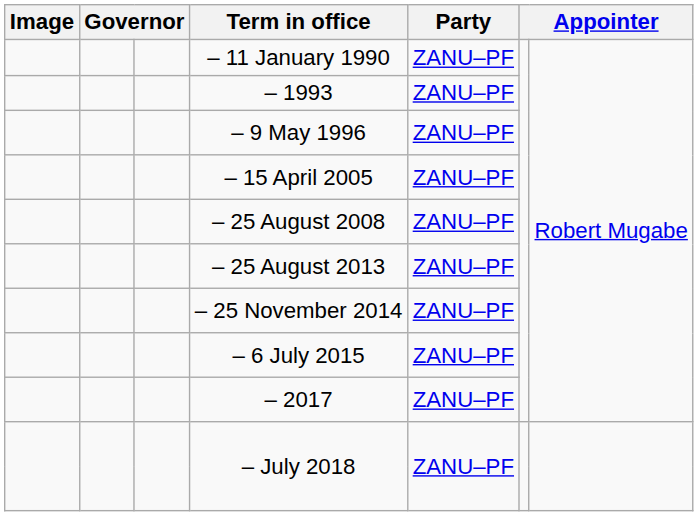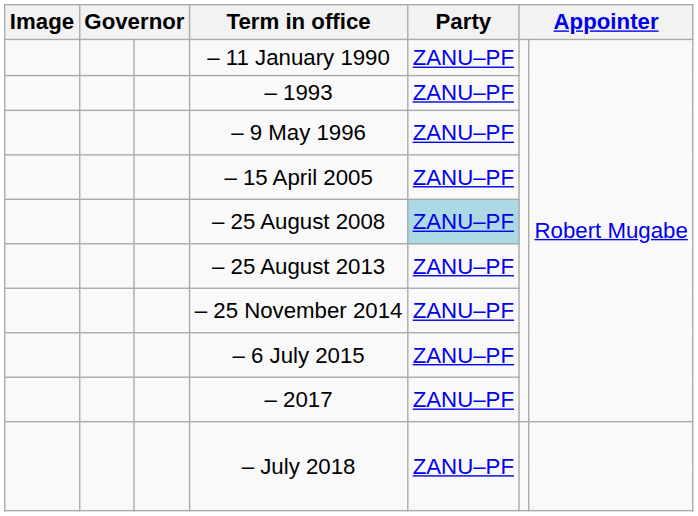 <table class="wikitable sortable" style="text-align:center;">
 <tr>
 <th scope="col" class="unsortable">Image</th>
 <th colspan="2" scope="col">Governor</th>
 <th scope="col">Term in office</th>
 <th scope="col">Party</th>
 <th colspan="2" scope="col"><a href='#'>Appointer</a></th>
 </tr>
 <tr>
 <td></td>
 <td style="background:"></td>
 <td></td>
 <td> – 11 January 1990</td>
 <td><a href='#'>ZANU–PF</a></td>
 <td rowspan="9" style="background:"></td>
 <td rowspan="9"><a href='#'>Robert Mugabe</a></td>
 </tr>
 <tr>
 <td></td>
 <td style="background:"></td>
 <td></td>
 <td> – 1993</td>
 <td><a href='#'>ZANU–PF</a></td>
 </tr>
 <tr style="height:2em;">
 <td></td>
 <td style="background:"></td>
 <td></td>
 <td> – 9 May 1996</td>
 <td><a href='#'>ZANU–PF</a></td>
 </tr>
 <tr style="height:2em;">
 <td></td>
 <td style="background:"></td>
 <td></td>
 <td> – 15 April 2005</td>
 <td><a href='#'>ZANU–PF</a></td>
 </tr>
 <tr style="height:2em;">
 <td></td>
 <td style="background:"></td>
 <td></td>
 <td>– 25 August 2008</td>
-<td><a href='#'>ZANU–PF</a></td>
+<td style="background: lightblue;"><a href='#'>ZANU–PF</a></td>
 </tr>
 <tr style="height:2em;">
 <td></td>
 <td style="background:"></td>
 <td></td>
 <td> – 25 August 2013</td>
 <td><a href='#'>ZANU–PF</a></td>
 </tr>
 <tr style="height:2em;">
 <td></td>
 <td style="background:"></td>
 <td></td>
 <td> – 25 November 2014</td>
 <td><a href='#'>ZANU–PF</a></td>
 </tr>
 <tr style="height:2em;">
 <td></td>
 <td style="background:"></td>
 <td></td>
 <td> – 6 July 2015</td>
 <td><a href='#'>ZANU–PF</a></td>
 </tr>
 <tr style="height:2em;">
 <td></td>
 <td style="background:"></td>
 <td></td>
 <td> – 2017</td>
 <td><a href='#'>ZANU–PF</a></td>
 </tr>
 <tr style="height:2em;">
 <td rowspan="2"></td>
 <td rowspan="2" style="background:"></td>
 <td rowspan="2"></td>
 <td rowspan="2"> – July 2018</td>
 <td rowspan="2"><a href='#'>ZANU–PF</a></td>
 <td rowspan="2" style="background:"></td>
 <td rowspan="2"></td>
 </tr>
 <tr style="height:2em;">
 </tr>
 </table>
